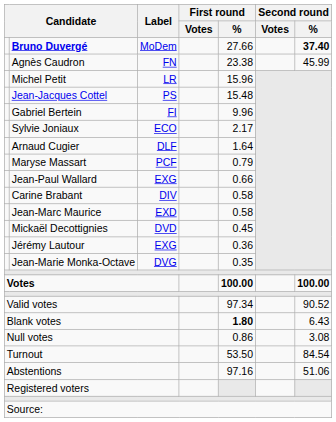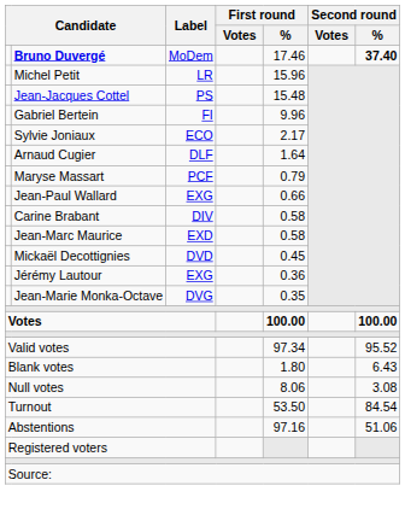 <table class="wikitable" style="text-align:right;font-size:95%;">
 <tr>
 <th rowspan="2" colspan="2">Candidate</th>
 <th rowspan="2">Label</th>
 <th colspan="2">First round</th>
 <th colspan="2">Second round</th>
 </tr>
 <tr>
 <th style="width:50px;">Votes</th>
 <th style="width:45px;">%</th>
 <th style="width:50px;">Votes</th>
 <th style="width:45px;">%</th>
 </tr>
 <tr>
 <td style="color:inherit;background:"></td>
 <td style="text-align:left;"><strong><a href='#'>Bruno Duvergé</a></strong></td>
 <td><a href='#'>MoDem</a></td>
 <td></td>
-<td>27.66</td>
+<td>17.46</td>
 <td><strong></strong></td>
 <td><strong>37.40</strong></td>
-</tr>
-<tr>
-<td style="color:inherit;background:"></td>
-<td style="text-align:left;">Agnès Caudron</td>
-<td><a href='#'>FN</a></td>
-<td></td>
-<td>23.38</td>
-<td></td>
-<td>45.99</td>
 </tr>
 <tr>
 <td style="color:inherit;background:"></td>
 <td style="text-align:left;">Michel Petit</td>
 <td><a href='#'>LR</a></td>
 <td></td>
 <td>15.96</td>
 <td colspan="2" rowspan="12" style="background:#E9E9E9;"></td>
 </tr>
 <tr>
 <td style="color:inherit;background:"></td>
 <td style="text-align:left;"><a href='#'>Jean-Jacques Cottel</a></td>
 <td><a href='#'>PS</a></td>
 <td></td>
 <td>15.48</td>
 </tr>
 <tr>
 <td style="color:inherit;background:"></td>
 <td style="text-align:left;">Gabriel Bertein</td>
 <td><a href='#'>FI</a></td>
 <td></td>
 <td>9.96</td>
 </tr>
 <tr>
 <td style="color:inherit;background:"></td>
 <td style="text-align:left;">Sylvie Joniaux</td>
 <td><a href='#'>ECO</a></td>
 <td></td>
 <td>2.17</td>
 </tr>
 <tr>
 <td style="color:inherit;background:"></td>
 <td style="text-align:left;">Arnaud Cugier</td>
 <td><a href='#'>DLF</a></td>
 <td></td>
 <td>1.64</td>
 </tr>
 <tr>
 <td style="color:inherit;background:"></td>
 <td style="text-align:left;">Maryse Massart</td>
 <td><a href='#'>PCF</a></td>
 <td></td>
 <td>0.79</td>
 </tr>
 <tr>
 <td style="color:inherit;background:"></td>
 <td style="text-align:left;">Jean-Paul Wallard</td>
 <td><a href='#'>EXG</a></td>
 <td></td>
 <td>0.66</td>
 </tr>
 <tr>
 <td style="color:inherit;background:"></td>
 <td style="text-align:left;">Carine Brabant</td>
 <td><a href='#'>DIV</a></td>
 <td></td>
 <td>0.58</td>
 </tr>
 <tr>
 <td style="color:inherit;background:"></td>
 <td style="text-align:left;">Jean-Marc Maurice</td>
 <td><a href='#'>EXD</a></td>
 <td></td>
 <td>0.58</td>
 </tr>
 <tr>
 <td style="color:inherit;background:"></td>
 <td style="text-align:left;">Mickaël Decottignies</td>
 <td><a href='#'>DVD</a></td>
 <td></td>
 <td>0.45</td>
 </tr>
 <tr>
 <td style="color:inherit;background:"></td>
 <td style="text-align:left;">Jérémy Lautour</td>
 <td><a href='#'>EXG</a></td>
 <td></td>
 <td>0.36</td>
 </tr>
 <tr>
 <td style="color:inherit;background:"></td>
 <td style="text-align:left;">Jean-Marie Monka-Octave</td>
 <td><a href='#'>DVG</a></td>
 <td></td>
 <td>0.35</td>
 </tr>
 <tr>
 <td colspan="7" style="background:#E9E9E9;"></td>
 </tr>
 <tr style="font-weight:bold;">
 <td colspan="3" style="text-align:left;">Votes</td>
 <td></td>
 <td>100.00</td>
 <td></td>
 <td>100.00</td>
 </tr>
 <tr>
 <td colspan="7" style="background:#E9E9E9;"></td>
 </tr>
 <tr>
 <td colspan="3" style="text-align:left;">Valid votes</td>
 <td></td>
 <td>97.34</td>
 <td></td>
-<td>90.52</td>
+<td>95.52</td>
 </tr>
 <tr>
 <td colspan="3" style="text-align:left;">Blank votes</td>
 <td></td>
-<td><strong>1.80</strong></td>
+<td>1.80</td>
 <td></td>
 <td>6.43</td>
 </tr>
 <tr>
 <td colspan="3" style="text-align:left;">Null votes</td>
 <td></td>
-<td>0.86</td>
+<td>8.06</td>
 <td></td>
 <td>3.08</td>
 </tr>
 <tr>
 <td colspan="3" style="text-align:left;">Turnout</td>
 <td></td>
 <td>53.50</td>
 <td></td>
 <td>84.54</td>
 </tr>
 <tr>
 <td colspan="3" style="text-align:left;">Abstentions</td>
 <td></td>
 <td>97.16</td>
 <td></td>
 <td>51.06</td>
 </tr>
 <tr>
 <td colspan="3" style="text-align:left;">Registered voters</td>
 <td></td>
 <td style="background:#E9E9E9;"></td>
 <td></td>
 <td style="background:#E9E9E9;"></td>
 </tr>
 <tr>
 <td colspan="7" style="background:#E9E9E9;"></td>
 </tr>
 <tr>
 <td colspan="7" style="text-align:left;">Source: </td>
 </tr>
 </table>
